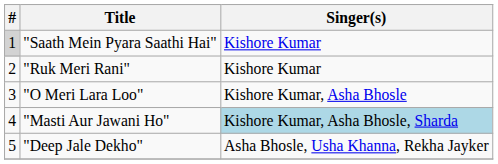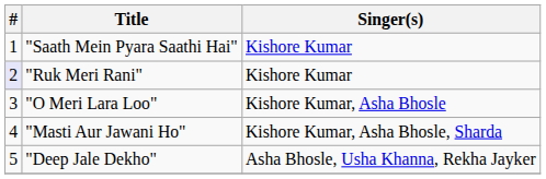 <table class="wikitable" style="font-size:95%;">
 <tr>
 <th>#</th>
 <th>Title</th>
 <th>Singer(s)</th>
 </tr>
 <tr>
-<td style="background: lightgrey;">1</td>
+<td>1</td>
 <td>"Saath Mein Pyara Saathi Hai"</td>
 <td><a href='#'>Kishore Kumar</a></td>
 </tr>
 <tr>
-<td>2</td>
+<td style="background: lavender;">2</td>
 <td>"Ruk Meri Rani"</td>
 <td>Kishore Kumar</td>
 </tr>
 <tr>
 <td>3</td>
 <td>"O Meri Lara Loo"</td>
 <td>Kishore Kumar, <a href='#'>Asha Bhosle</a></td>
 </tr>
 <tr>
 <td>4</td>
 <td>"Masti Aur Jawani Ho"</td>
-<td style="background: lightblue;">Kishore Kumar, Asha Bhosle, <a href='#'>Sharda</a></td>
+<td>Kishore Kumar, Asha Bhosle, <a href='#'>Sharda</a></td>
 </tr>
 <tr>
 <td>5</td>
 <td>"Deep Jale Dekho"</td>
 <td>Asha Bhosle, <a href='#'>Usha Khanna</a>, Rekha Jayker</td>
 </tr>
 <tr>
 </tr>
 </table>
